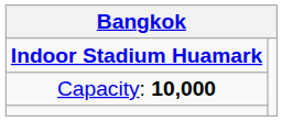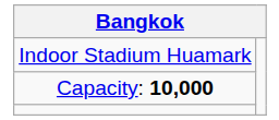 <table class="wikitable" style="margin:1em auto; text-align:center;">
 <tr>
 <th colspan=2><a href='#'>Bangkok</a></th>
 </tr>
 <tr>
-<td><strong><a href='#'>Indoor Stadium Huamark</a></strong></td>
+<td><a href='#'>Indoor Stadium Huamark</a></td>
 <td rowspan=3></td>
 </tr>
 <tr>
 <td><a href='#'>Capacity</a>: <strong>10,000</strong></td>
 </tr>
 <tr>
 <td></td>
 </tr>
 </table>
